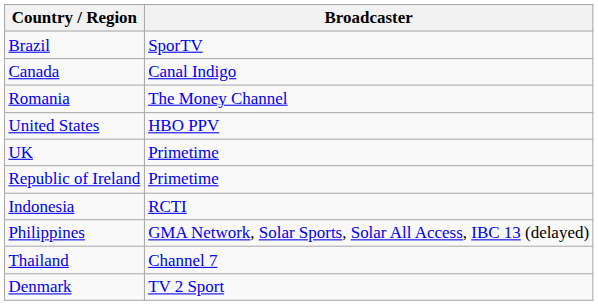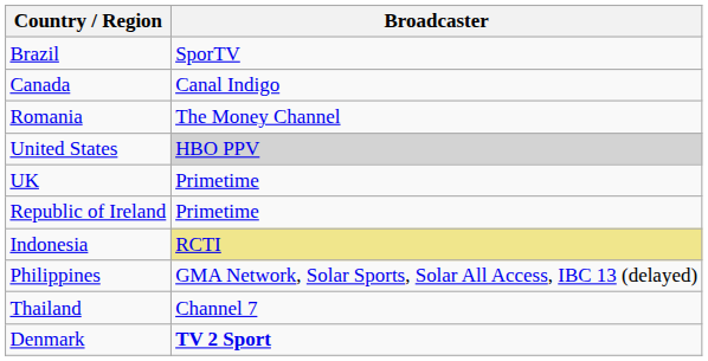 <table class="wikitable collapsible collapsed">
 <tr>
 <th>Country / Region</th>
 <th>Broadcaster</th>
 </tr>
 <tr>
 <td> <a href='#'>Brazil</a></td>
 <td><a href='#'>SporTV</a></td>
 </tr>
 <tr>
 <td> <a href='#'>Canada</a></td>
 <td><a href='#'>Canal Indigo</a></td>
 </tr>
 <tr>
 <td> <a href='#'>Romania</a></td>
 <td><a href='#'>The Money Channel</a></td>
 </tr>
 <tr>
 <td> <a href='#'>United States</a></td>
-<td><a href='#'>HBO PPV</a></td>
+<td style="background: lightgrey;"><a href='#'>HBO PPV</a></td>
 </tr>
 <tr>
 <td> <a href='#'>UK</a></td>
 <td><a href='#'>Primetime</a></td>
 </tr>
 <tr>
 <td> <a href='#'>Republic of Ireland</a></td>
 <td><a href='#'>Primetime</a></td>
 </tr>
 <tr>
 <td> <a href='#'>Indonesia</a></td>
-<td><a href='#'>RCTI</a></td>
+<td style="background: khaki;"><a href='#'>RCTI</a></td>
 </tr>
 <tr>
 <td> <a href='#'>Philippines</a></td>
 <td><a href='#'>GMA Network</a>, <a href='#'>Solar Sports</a>, <a href='#'>Solar All Access</a>, <a href='#'>IBC 13</a> (delayed)</td>
 </tr>
 <tr>
 <td> <a href='#'>Thailand</a></td>
 <td><a href='#'>Channel 7</a></td>
 </tr>
 <tr>
 <td> <a href='#'>Denmark</a></td>
-<td><a href='#'>TV 2 Sport</a></td>
+<td><strong><a href='#'>TV 2 Sport</a></strong></td>
 </tr>
 </table>
